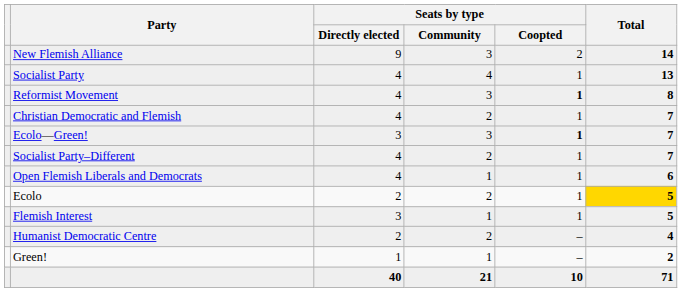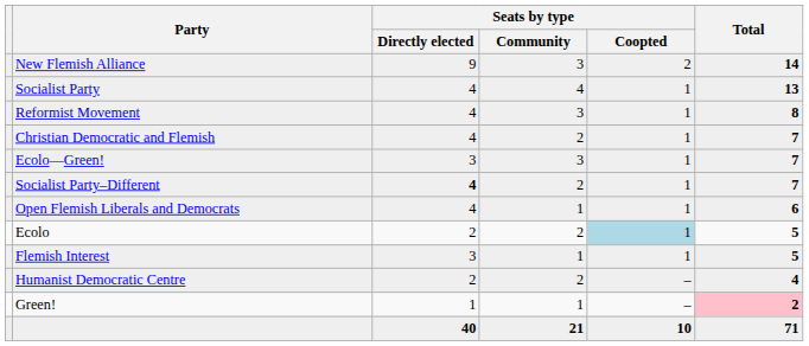 <table class="sortable wikitable" style="text-align:left; font-size:90%">
 <tr>
 <th rowspan="2"></th>
 <th width="350" rowspan="2">Party</th>
 <th colspan="3">Seats by type</th>
 <th rowspan="2" width="100">Total</th>
 </tr>
 <tr>
 <th width="100">Directly elected</th>
 <th width="100">Community</th>
 <th width="100">Coopted</th>
 </tr>
 <tr align=right bgcolor=efefef>
 <td></td>
 <td align=left><a href='#'>New Flemish Alliance</a></td>
 <td>9</td>
 <td>3</td>
 <td>2</td>
 <td><strong>14</strong></td>
 </tr>
 <tr align=right bgcolor=efefef>
 <td></td>
 <td align=left><a href='#'>Socialist Party</a></td>
 <td>4</td>
 <td>4</td>
 <td>1</td>
 <td><strong>13</strong></td>
 </tr>
 <tr align=right bgcolor=efefef>
 <td></td>
 <td align=left><a href='#'>Reformist Movement</a></td>
 <td>4</td>
 <td>3</td>
-<td><strong>1</strong></td>
+<td>1</td>
 <td><strong>8</strong></td>
 </tr>
 <tr align=right bgcolor=efefef>
 <td></td>
 <td align=left><a href='#'>Christian Democratic and Flemish</a></td>
 <td>4</td>
 <td>2</td>
 <td>1</td>
 <td><strong>7</strong></td>
 </tr>
 <tr align=right bgcolor=efefef>
 <td></td>
 <td align=left><a href='#'>Ecolo</a>—<a href='#'>Green!</a></td>
 <td>3</td>
 <td>3</td>
-<td><strong>1</strong></td>
+<td>1</td>
 <td><strong>7</strong></td>
 </tr>
 <tr align=right bgcolor=efefef>
 <td></td>
 <td align=left><a href='#'>Socialist Party–Different</a></td>
-<td>4</td>
+<td><strong>4</strong></td>
 <td>2</td>
 <td>1</td>
 <td><strong>7</strong></td>
 </tr>
 <tr align=right bgcolor=efefef>
 <td></td>
 <td align=left><a href='#'>Open Flemish Liberals and Democrats</a></td>
 <td>4</td>
 <td>1</td>
 <td>1</td>
 <td><strong>6</strong></td>
 </tr>
 <tr align=right>
 <td></td>
 <td align=left>Ecolo</td>
 <td>2</td>
 <td>2</td>
-<td>1</td>
-<td style="background: gold;"><strong>5</strong></td>
+<td style="background: lightblue;">1</td>
+<td><strong>5</strong></td>
 </tr>
 <tr align=right bgcolor=efefef>
 <td></td>
 <td align=left><a href='#'>Flemish Interest</a></td>
 <td>3</td>
 <td>1</td>
 <td>1</td>
 <td><strong>5</strong></td>
 </tr>
 <tr align=right bgcolor=efefef>
 <td></td>
 <td align=left><a href='#'>Humanist Democratic Centre</a></td>
 <td>2</td>
 <td>2</td>
 <td>–</td>
 <td><strong>4</strong></td>
 </tr>
 <tr align=right>
 <td></td>
 <td align=left>Green!</td>
 <td>1</td>
 <td>1</td>
 <td>–</td>
-<td><strong>2</strong></td>
+<td style="background: pink;"><strong>2</strong></td>
 </tr>
 <tr align=right bgcolor=efefef>
 <td></td>
 <td></td>
 <td><strong>40</strong></td>
 <td><strong>21</strong></td>
 <td><strong>10</strong></td>
 <td><strong>71</strong></td>
 </tr>
 </table>
